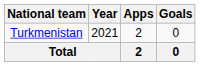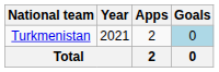 <table class="wikitable" style="text-align:center">
 <tr>
 <th>National team</th>
 <th>Year</th>
 <th>Apps</th>
 <th>Goals</th>
 </tr>
 <tr>
 <td rowspan="1"><a href='#'>Turkmenistan</a></td>
 <td>2021</td>
 <td>2</td>
-<td>0</td>
+<td style="background: lightblue;">0</td>
 </tr>
 <tr>
 <th colspan="2">Total</th>
 <th>2</th>
 <th>0</th>
 </tr>
 </table>
